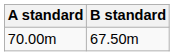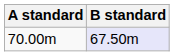 <table class="wikitable" border="1" align="upright">
 <tr>
 <th>A standard</th>
 <th>B standard</th>
 </tr>
 <tr>
 <td>70.00m</td>
-<td>67.50m</td>
+<td style="background: lavender;">67.50m</td>
 </tr>
 </table>
